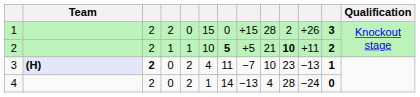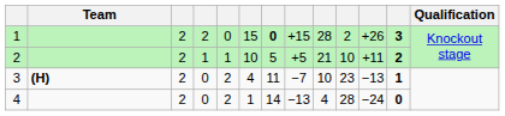 <table class="wikitable" style="text-align:center;">
 <tr>
 <th width="20"></th>
 <th width="165">Team</th>
 <th width="20"></th>
 <th width="20"></th>
 <th width="20"></th>
 <th width="20"></th>
 <th width="20"></th>
 <th width="20"></th>
 <th width="20"></th>
 <th width="20"></th>
 <th width="20"></th>
 <th width="20"></th>
 <th width="100">Qualification</th>
 </tr>
 <tr bgcolor="bbf3bb">
 <td>1</td>
 <td align="left"></td>
 <td>2</td>
 <td>2</td>
 <td>0</td>
 <td>15</td>
-<td>0</td>
+<td><strong>0</strong></td>
 <td>+15</td>
 <td>28</td>
 <td>2</td>
 <td>+26</td>
 <td><strong>3</strong></td>
 <td rowspan="2"><a href='#'>Knockout stage</a></td>
 </tr>
 <tr bgcolor="bbf3bb">
 <td>2</td>
 <td align="left"></td>
 <td>2</td>
 <td>1</td>
 <td>1</td>
 <td>10</td>
-<td><strong>5</strong></td>
+<td>5</td>
 <td>+5</td>
 <td>21</td>
-<td><strong>10</strong></td>
+<td>10</td>
 <td>+11</td>
 <td><strong>2</strong></td>
 </tr>
 <tr>
 <td>3</td>
-<td align="left" style="background: lavender;"> <strong>(H)</strong></td>
-<td><strong>2</strong></td>
+<td align="left"> <strong>(H)</strong></td>
+<td>2</td>
 <td>0</td>
 <td>2</td>
 <td>4</td>
 <td>11</td>
 <td>−7</td>
 <td>10</td>
 <td>23</td>
 <td>−13</td>
 <td><strong>1</strong></td>
 <td rowspan="2"></td>
 </tr>
 <tr>
 <td>4</td>
 <td align="left"></td>
 <td>2</td>
 <td>0</td>
 <td>2</td>
 <td>1</td>
 <td>14</td>
 <td>−13</td>
 <td>4</td>
 <td>28</td>
 <td>−24</td>
 <td><strong>0</strong></td>
 </tr>
 </table>
